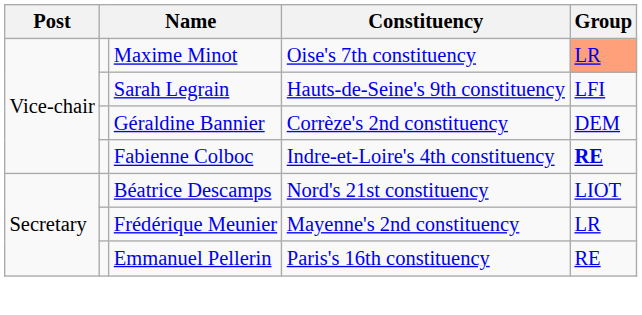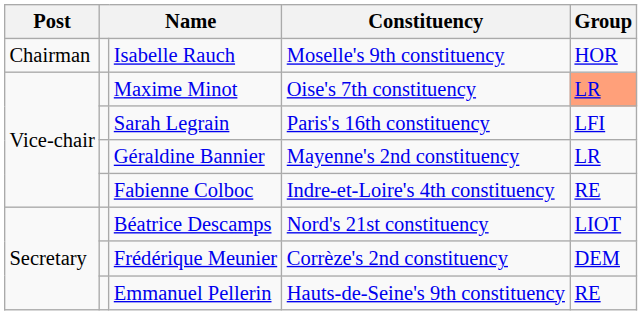 <table class="wikitable" style="font-size:95%;">
 <tr>
 <th>Post</th>
 <th colspan=2>Name</th>
 <th>Constituency</th>
 <th>Group</th>
+</tr>
+<tr>
+<td>Chairman</td>
+<td style="background:"></td>
+<td><a href='#'>Isabelle Rauch</a></td>
+<td><a href='#'>Moselle's 9th constituency</a></td>
+<td><a href='#'>HOR</a></td>
 </tr>
 <tr>
 <td rowspan=4>Vice-chair</td>
 <td style="background:"></td>
 <td><a href='#'>Maxime Minot</a></td>
 <td><a href='#'>Oise's 7th constituency</a></td>
 <td style="background: lightsalmon;"><a href='#'>LR</a></td>
 </tr>
 <tr>
 <td style="background:"></td>
 <td><a href='#'>Sarah Legrain</a></td>
-<td><a href='#'>Hauts-de-Seine's 9th constituency</a></td>
+<td><a href='#'>Paris's 16th constituency</a></td>
 <td><a href='#'>LFI</a></td>
 </tr>
 <tr>
 <td style="background:"></td>
 <td><a href='#'>Géraldine Bannier</a></td>
-<td><a href='#'>Corrèze's 2nd constituency</a></td>
-<td><a href='#'>DEM</a></td>
+<td><a href='#'>Mayenne's 2nd constituency</a></td>
+<td><a href='#'>LR</a></td>
 </tr>
 <tr>
 <td style="background:"></td>
 <td><a href='#'>Fabienne Colboc</a></td>
 <td><a href='#'>Indre-et-Loire's 4th constituency</a></td>
-<td><strong><a href='#'>RE</a></strong></td>
+<td><a href='#'>RE</a></td>
 </tr>
 <tr>
 <td rowspan=3>Secretary</td>
 <td style="background:"></td>
 <td><a href='#'>Béatrice Descamps</a></td>
 <td><a href='#'>Nord's 21st constituency</a></td>
 <td><a href='#'>LIOT</a></td>
 </tr>
 <tr>
 <td style="background:"></td>
 <td><a href='#'>Frédérique Meunier</a></td>
-<td><a href='#'>Mayenne's 2nd constituency</a></td>
-<td><a href='#'>LR</a></td>
+<td><a href='#'>Corrèze's 2nd constituency</a></td>
+<td><a href='#'>DEM</a></td>
 </tr>
 <tr>
 <td style="background:"></td>
 <td><a href='#'>Emmanuel Pellerin</a></td>
-<td><a href='#'>Paris's 16th constituency</a></td>
+<td><a href='#'>Hauts-de-Seine's 9th constituency</a></td>
 <td><a href='#'>RE</a></td>
 </tr>
 </table>
